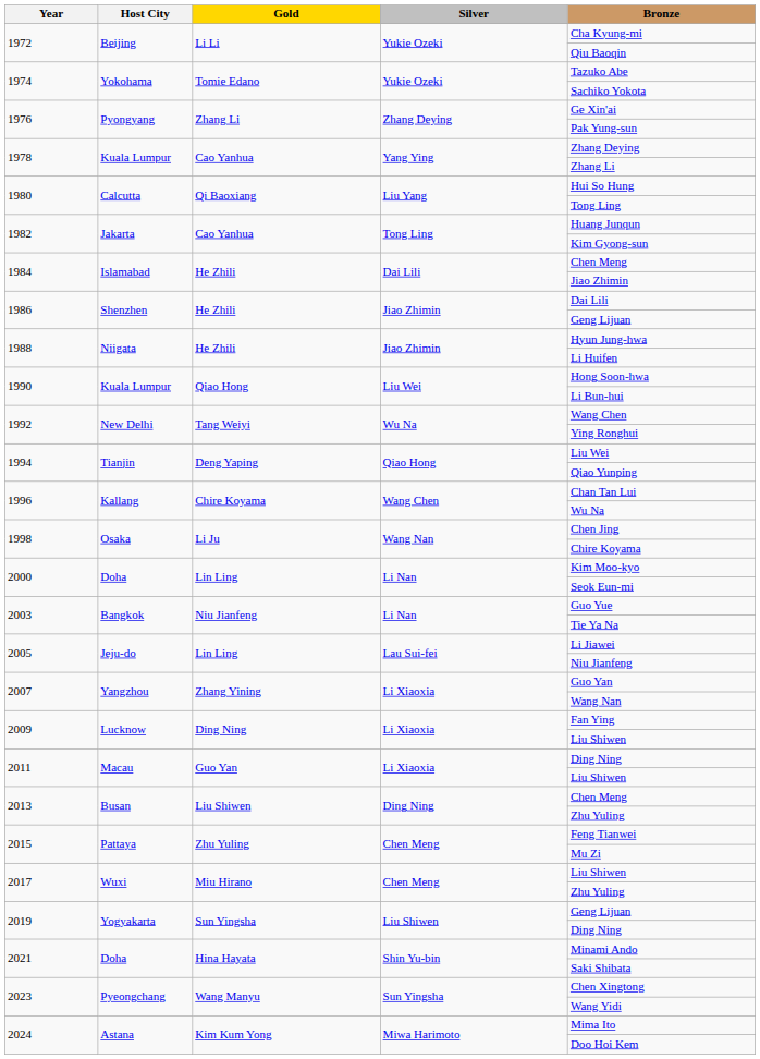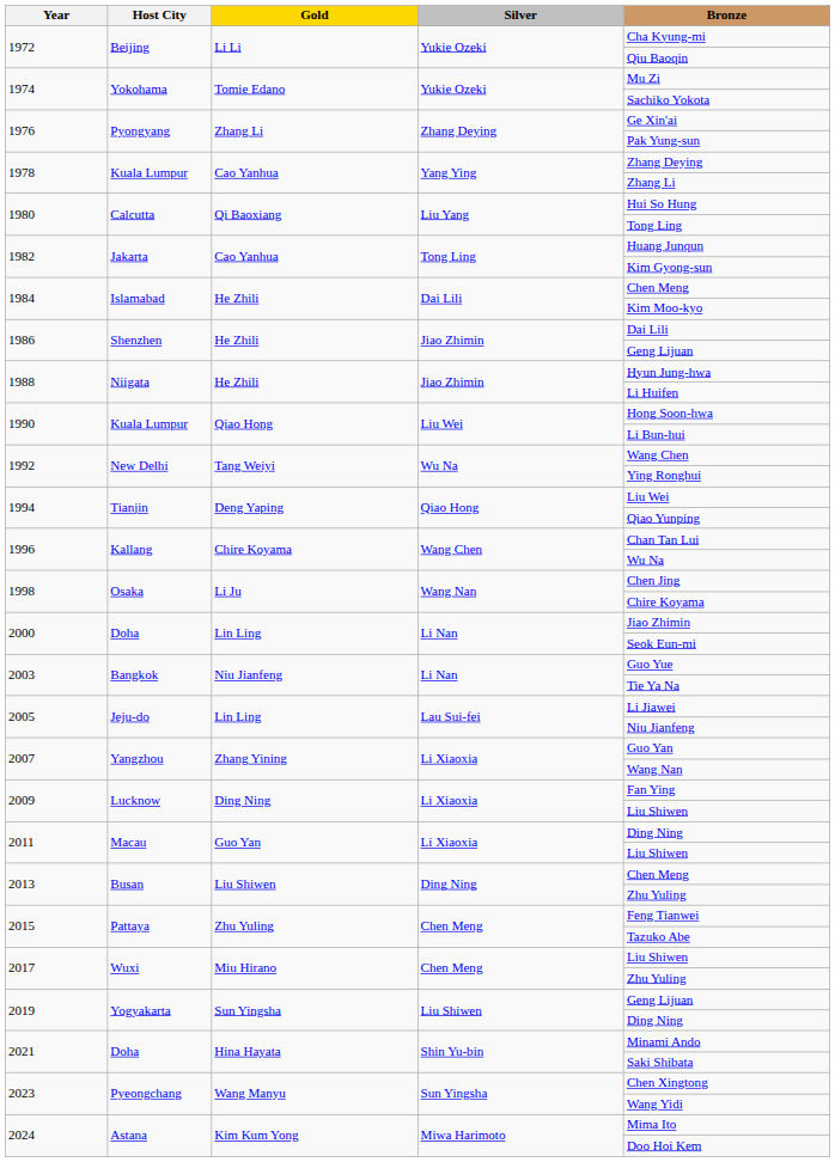 <table class="wikitable" style="text-align:left; width:1000px;">
 <tr>
 <th width="120">Year</th>
 <th width="120">Host City</th>
 <th width="250" style="background-color: gold">Gold</th>
 <th width="250" style="background-color: silver">Silver</th>
 <th width="250" style="background-color: #cc9966">Bronze</th>
 </tr>
 <tr>
 <td rowspan=2>1972</td>
 <td rowspan=2><a href='#'>Beijing</a></td>
 <td rowspan=2> <a href='#'>Li Li</a></td>
 <td rowspan=2> <a href='#'>Yukie Ozeki</a></td>
 <td> <a href='#'>Cha Kyung-mi</a></td>
 </tr>
 <tr>
 <td> <a href='#'>Qiu Baoqin</a></td>
 </tr>
 <tr>
 <td rowspan=2>1974</td>
 <td rowspan=2><a href='#'>Yokohama</a></td>
 <td rowspan=2> <a href='#'>Tomie Edano</a></td>
 <td rowspan=2> <a href='#'>Yukie Ozeki</a></td>
-<td> <a href='#'>Tazuko Abe</a></td>
+<td> <a href='#'>Mu Zi</a></td>
 </tr>
 <tr>
 <td> <a href='#'>Sachiko Yokota</a></td>
 </tr>
 <tr>
 <td rowspan=2>1976</td>
 <td rowspan=2><a href='#'>Pyongyang</a></td>
 <td rowspan=2> <a href='#'>Zhang Li</a></td>
 <td rowspan=2> <a href='#'>Zhang Deying</a></td>
 <td> <a href='#'>Ge Xin'ai</a></td>
 </tr>
 <tr>
 <td> <a href='#'>Pak Yung-sun</a></td>
 </tr>
 <tr>
 <td rowspan=2>1978</td>
 <td rowspan=2><a href='#'>Kuala Lumpur</a></td>
 <td rowspan=2> <a href='#'>Cao Yanhua</a></td>
 <td rowspan=2> <a href='#'>Yang Ying</a></td>
 <td> <a href='#'>Zhang Deying</a></td>
 </tr>
 <tr>
 <td> <a href='#'>Zhang Li</a></td>
 </tr>
 <tr>
 <td rowspan=2>1980</td>
 <td rowspan=2><a href='#'>Calcutta</a></td>
 <td rowspan=2> <a href='#'>Qi Baoxiang</a></td>
 <td rowspan=2> <a href='#'>Liu Yang</a></td>
 <td> <a href='#'>Hui So Hung</a></td>
 </tr>
 <tr>
 <td> <a href='#'>Tong Ling</a></td>
 </tr>
 <tr>
 <td rowspan=2>1982</td>
 <td rowspan=2><a href='#'>Jakarta</a></td>
 <td rowspan=2> <a href='#'>Cao Yanhua</a></td>
 <td rowspan=2> <a href='#'>Tong Ling</a></td>
 <td> <a href='#'>Huang Junqun</a></td>
 </tr>
 <tr>
 <td> <a href='#'>Kim Gyong-sun</a></td>
 </tr>
 <tr>
 <td rowspan=2>1984</td>
 <td rowspan=2><a href='#'>Islamabad</a></td>
 <td rowspan=2> <a href='#'>He Zhili</a></td>
 <td rowspan=2> <a href='#'>Dai Lili</a></td>
 <td> <a href='#'>Chen Meng</a></td>
 </tr>
 <tr>
-<td> <a href='#'>Jiao Zhimin</a></td>
+<td> <a href='#'>Kim Moo-kyo</a></td>
 </tr>
 <tr>
 <td rowspan=2>1986</td>
 <td rowspan=2><a href='#'>Shenzhen</a></td>
 <td rowspan=2> <a href='#'>He Zhili</a></td>
 <td rowspan=2> <a href='#'>Jiao Zhimin</a></td>
 <td> <a href='#'>Dai Lili</a></td>
 </tr>
 <tr>
 <td> <a href='#'>Geng Lijuan</a></td>
 </tr>
 <tr>
 <td rowspan=2>1988</td>
 <td rowspan=2><a href='#'>Niigata</a></td>
 <td rowspan=2> <a href='#'>He Zhili</a></td>
 <td rowspan=2> <a href='#'>Jiao Zhimin</a></td>
 <td> <a href='#'>Hyun Jung-hwa</a></td>
 </tr>
 <tr>
 <td> <a href='#'>Li Huifen</a></td>
 </tr>
 <tr>
 <td rowspan=2>1990</td>
 <td rowspan=2><a href='#'>Kuala Lumpur</a></td>
 <td rowspan=2> <a href='#'>Qiao Hong</a></td>
 <td rowspan=2> <a href='#'>Liu Wei</a></td>
 <td> <a href='#'>Hong Soon-hwa</a></td>
 </tr>
 <tr>
 <td> <a href='#'>Li Bun-hui</a></td>
 </tr>
 <tr>
 <td rowspan=2>1992</td>
 <td rowspan=2><a href='#'>New Delhi</a></td>
 <td rowspan=2> <a href='#'>Tang Weiyi</a></td>
 <td rowspan=2> <a href='#'>Wu Na</a></td>
 <td> <a href='#'>Wang Chen</a></td>
 </tr>
 <tr>
 <td> <a href='#'>Ying Ronghui</a></td>
 </tr>
 <tr>
 <td rowspan=2>1994</td>
 <td rowspan=2><a href='#'>Tianjin</a></td>
 <td rowspan=2> <a href='#'>Deng Yaping</a></td>
 <td rowspan=2> <a href='#'>Qiao Hong</a></td>
 <td> <a href='#'>Liu Wei</a></td>
 </tr>
 <tr>
 <td> <a href='#'>Qiao Yunping</a></td>
 </tr>
 <tr>
 <td rowspan=2>1996</td>
 <td rowspan=2><a href='#'>Kallang</a></td>
 <td rowspan=2> <a href='#'>Chire Koyama</a></td>
 <td rowspan=2> <a href='#'>Wang Chen</a></td>
 <td> <a href='#'>Chan Tan Lui</a></td>
 </tr>
 <tr>
 <td> <a href='#'>Wu Na</a></td>
 </tr>
 <tr>
 <td rowspan=2>1998</td>
 <td rowspan=2><a href='#'>Osaka</a></td>
 <td rowspan=2> <a href='#'>Li Ju</a></td>
 <td rowspan=2> <a href='#'>Wang Nan</a></td>
 <td> <a href='#'>Chen Jing</a></td>
 </tr>
 <tr>
 <td> <a href='#'>Chire Koyama</a></td>
 </tr>
 <tr>
 <td rowspan=2>2000</td>
 <td rowspan=2><a href='#'>Doha</a></td>
 <td rowspan=2> <a href='#'>Lin Ling</a></td>
 <td rowspan=2> <a href='#'>Li Nan</a></td>
-<td> <a href='#'>Kim Moo-kyo</a></td>
+<td> <a href='#'>Jiao Zhimin</a></td>
 </tr>
 <tr>
 <td> <a href='#'>Seok Eun-mi</a></td>
 </tr>
 <tr>
 <td rowspan=2>2003</td>
 <td rowspan=2><a href='#'>Bangkok</a></td>
 <td rowspan=2> <a href='#'>Niu Jianfeng</a></td>
 <td rowspan=2> <a href='#'>Li Nan</a></td>
 <td> <a href='#'>Guo Yue</a></td>
 </tr>
 <tr>
 <td> <a href='#'>Tie Ya Na</a></td>
 </tr>
 <tr>
 <td rowspan=2>2005</td>
 <td rowspan=2><a href='#'>Jeju-do</a></td>
 <td rowspan=2> <a href='#'>Lin Ling</a></td>
 <td rowspan=2> <a href='#'>Lau Sui-fei</a></td>
 <td> <a href='#'>Li Jiawei</a></td>
 </tr>
 <tr>
 <td> <a href='#'>Niu Jianfeng</a></td>
 </tr>
 <tr>
 <td rowspan=2>2007</td>
 <td rowspan=2><a href='#'>Yangzhou</a></td>
 <td rowspan=2> <a href='#'>Zhang Yining</a></td>
 <td rowspan=2> <a href='#'>Li Xiaoxia</a></td>
 <td> <a href='#'>Guo Yan</a></td>
 </tr>
 <tr>
 <td> <a href='#'>Wang Nan</a></td>
 </tr>
 <tr>
 <td rowspan=2>2009</td>
 <td rowspan=2><a href='#'>Lucknow</a></td>
 <td rowspan=2> <a href='#'>Ding Ning</a></td>
 <td rowspan=2> <a href='#'>Li Xiaoxia</a></td>
 <td> <a href='#'>Fan Ying</a></td>
 </tr>
 <tr>
 <td> <a href='#'>Liu Shiwen</a></td>
 </tr>
 <tr>
 <td rowspan=2>2011</td>
 <td rowspan=2><a href='#'>Macau</a></td>
 <td rowspan=2> <a href='#'>Guo Yan</a></td>
 <td rowspan=2> <a href='#'>Li Xiaoxia</a></td>
 <td> <a href='#'>Ding Ning</a></td>
 </tr>
 <tr>
 <td> <a href='#'>Liu Shiwen</a></td>
 </tr>
 <tr>
 <td rowspan=2>2013</td>
 <td rowspan=2><a href='#'>Busan</a></td>
 <td rowspan=2> <a href='#'>Liu Shiwen</a></td>
 <td rowspan=2> <a href='#'>Ding Ning</a></td>
 <td> <a href='#'>Chen Meng</a></td>
 </tr>
 <tr>
 <td> <a href='#'>Zhu Yuling</a></td>
 </tr>
 <tr>
 <td rowspan=2>2015</td>
 <td rowspan=2><a href='#'>Pattaya</a></td>
 <td rowspan=2> <a href='#'>Zhu Yuling</a></td>
 <td rowspan=2> <a href='#'>Chen Meng</a></td>
 <td> <a href='#'>Feng Tianwei</a></td>
 </tr>
 <tr>
-<td> <a href='#'>Mu Zi</a></td>
+<td> <a href='#'>Tazuko Abe</a></td>
 </tr>
 <tr>
 <td rowspan=2>2017</td>
 <td rowspan=2><a href='#'>Wuxi</a></td>
 <td rowspan=2> <a href='#'>Miu Hirano</a></td>
 <td rowspan=2> <a href='#'>Chen Meng</a></td>
 <td> <a href='#'>Liu Shiwen</a></td>
 </tr>
 <tr>
 <td> <a href='#'>Zhu Yuling</a></td>
 </tr>
 <tr>
 <td rowspan=2>2019</td>
 <td rowspan=2><a href='#'>Yogyakarta</a></td>
 <td rowspan=2> <a href='#'>Sun Yingsha</a></td>
 <td rowspan=2> <a href='#'>Liu Shiwen</a></td>
 <td> <a href='#'>Geng Lijuan</a></td>
 </tr>
 <tr>
 <td> <a href='#'>Ding Ning</a></td>
 </tr>
 <tr>
 <td rowspan=2>2021</td>
 <td rowspan=2><a href='#'>Doha</a></td>
 <td rowspan=2> <a href='#'>Hina Hayata</a></td>
 <td rowspan=2> <a href='#'>Shin Yu-bin</a></td>
 <td> <a href='#'>Minami Ando</a></td>
 </tr>
 <tr>
 <td> <a href='#'>Saki Shibata</a></td>
 </tr>
 <tr>
 <td rowspan=2>2023</td>
 <td rowspan=2><a href='#'>Pyeongchang</a></td>
 <td rowspan=2> <a href='#'>Wang Manyu</a></td>
 <td rowspan=2> <a href='#'>Sun Yingsha</a></td>
 <td> <a href='#'>Chen Xingtong</a></td>
 </tr>
 <tr>
 <td> <a href='#'>Wang Yidi</a></td>
 </tr>
 <tr>
 <td rowspan=2>2024</td>
 <td rowspan=2><a href='#'>Astana</a></td>
 <td rowspan=2> <a href='#'>Kim Kum Yong</a></td>
 <td rowspan=2> <a href='#'>Miwa Harimoto</a></td>
 <td> <a href='#'>Mima Ito</a></td>
 </tr>
 <tr>
 <td> <a href='#'>Doo Hoi Kem</a></td>
 </tr>
 </table>
